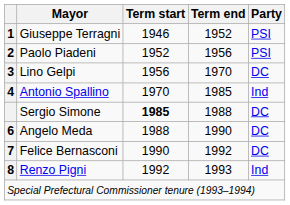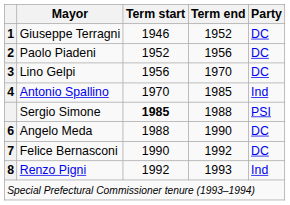 <table class="wikitable">
 <tr>
 <th class=unsortable> </th>
 <th>Mayor</th>
 <th>Term start</th>
 <th>Term end</th>
 <th>Party</th>
 </tr>
 <tr>
 <th style="background:">1</th>
 <td>Giuseppe Terragni</td>
 <td align=center>1946</td>
 <td align=center>1952</td>
-<td><a href='#'>PSI</a></td>
+<td><a href='#'>DC</a></td>
 </tr>
 <tr>
 <th style="background:">2</th>
 <td>Paolo Piadeni</td>
 <td align=center>1952</td>
 <td align=center>1956</td>
-<td><a href='#'>PSI</a></td>
+<td><a href='#'>DC</a></td>
 </tr>
 <tr>
 <th style="background:">3</th>
 <td>Lino Gelpi</td>
 <td align=center>1956</td>
 <td align=center>1970</td>
 <td><a href='#'>DC</a></td>
 </tr>
 <tr>
 <th style="background:">4</th>
 <td><a href='#'>Antonio Spallino</a></td>
 <td align=center>1970</td>
 <td align=center>1985</td>
 <td><a href='#'>Ind</a></td>
 </tr>
 <tr>
 <th style="background:"></th>
 <td>Sergio Simone</td>
 <td align=center><strong>1985</strong></td>
 <td align=center>1988</td>
-<td><a href='#'>DC</a></td>
+<td><a href='#'>PSI</a></td>
 </tr>
 <tr>
 <th style="background:">6</th>
 <td>Angelo Meda</td>
 <td align=center>1988</td>
 <td align=center>1990</td>
 <td><a href='#'>DC</a></td>
 </tr>
 <tr>
 <th style="background:">7</th>
 <td>Felice Bernasconi</td>
 <td align=center>1990</td>
 <td align=center>1992</td>
 <td><a href='#'>DC</a></td>
 </tr>
 <tr>
 <th style="background:">8</th>
 <td><a href='#'>Renzo Pigni</a></td>
 <td align=center>1992</td>
 <td align=center>1993</td>
 <td><a href='#'>Ind</a></td>
 </tr>
 <tr>
 <td colspan=5><small><em>Special Prefectural Commissioner tenure (1993–1994)</em></small></td>
 </tr>
 </table>
